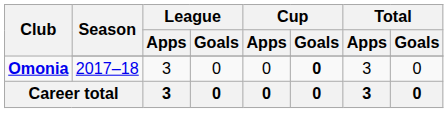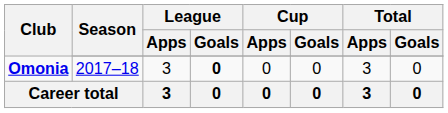 <table class="wikitable" style="text-align:center;">
 <tr>
 <th rowspan="2">Club</th>
 <th rowspan="2">Season</th>
 <th colspan="2">League</th>
 <th colspan="2">Cup</th>
 <th colspan="2">Total</th>
 </tr>
 <tr>
 <th>Apps</th>
 <th>Goals</th>
 <th>Apps</th>
 <th>Goals</th>
 <th>Apps</th>
 <th>Goals</th>
 </tr>
 <tr ||-||-||-|->
 <td rowspan="2" valign="center"><strong><a href='#'>Omonia</a></strong></td>
 </tr>
 <tr>
 <td><a href='#'>2017–18</a></td>
 <td>3</td>
+<td><strong>0</strong></td>
 <td>0</td>
 <td>0</td>
-<td><strong>0</strong></td>
 <td>3</td>
 <td>0</td>
 </tr>
 <tr>
 <th colspan=2>Career total</th>
 <th>3</th>
 <th>0</th>
 <th>0</th>
 <th>0</th>
 <th>3</th>
 <th>0</th>
 </tr>
 </table>
